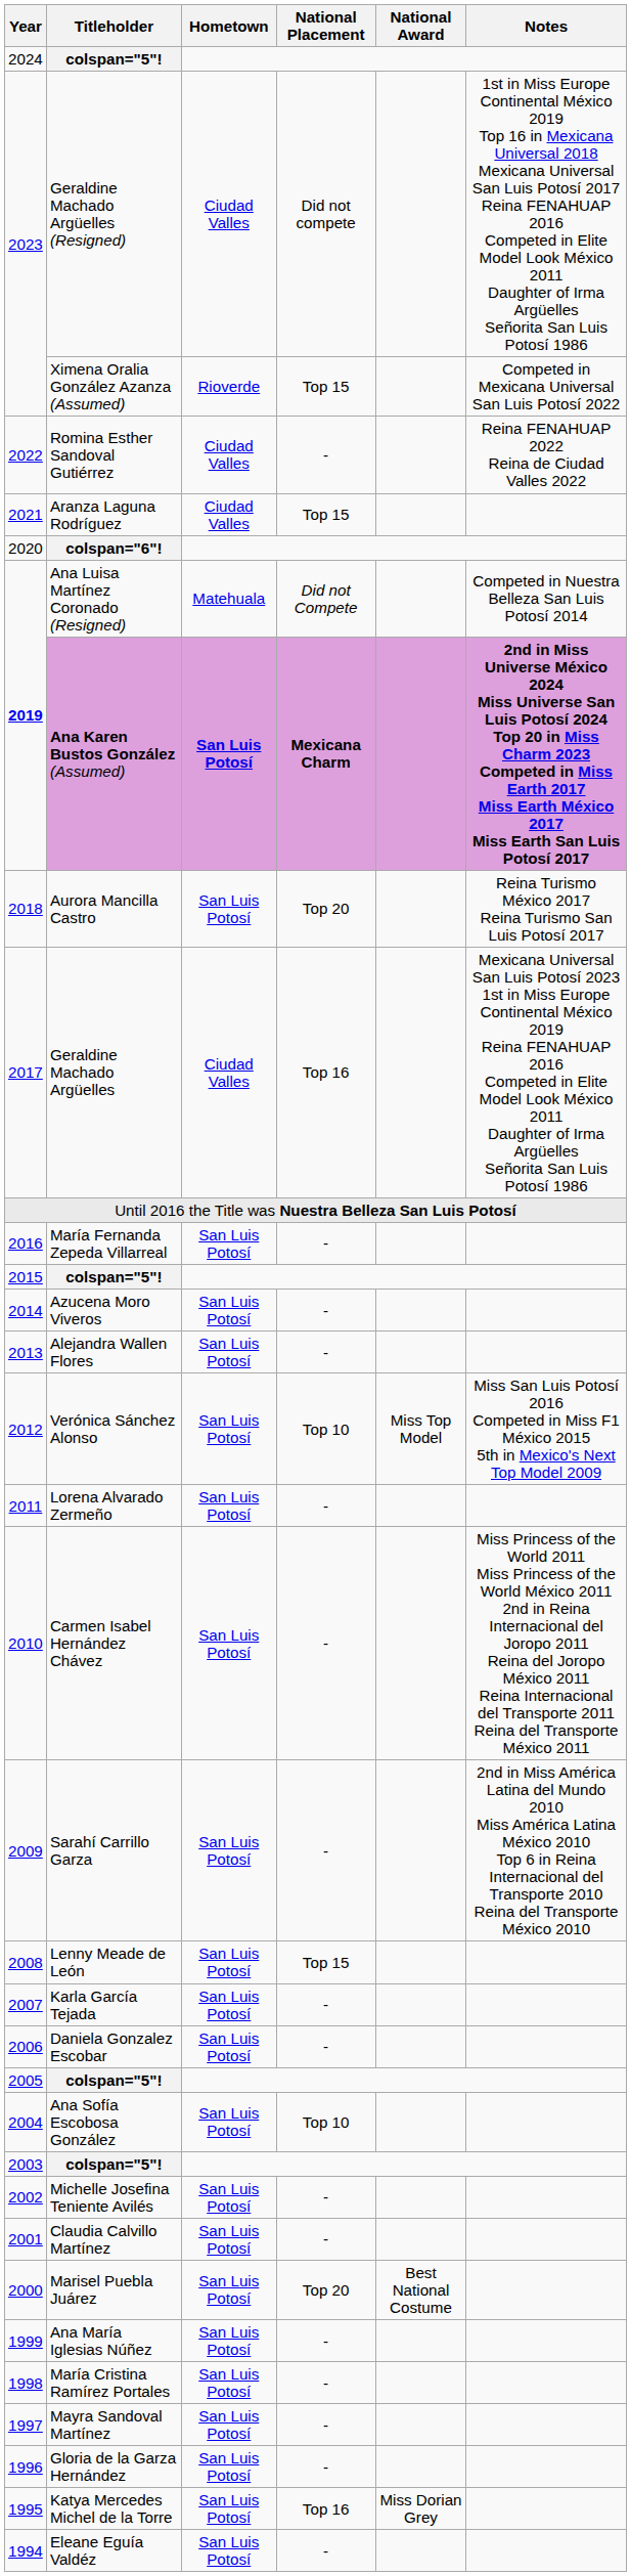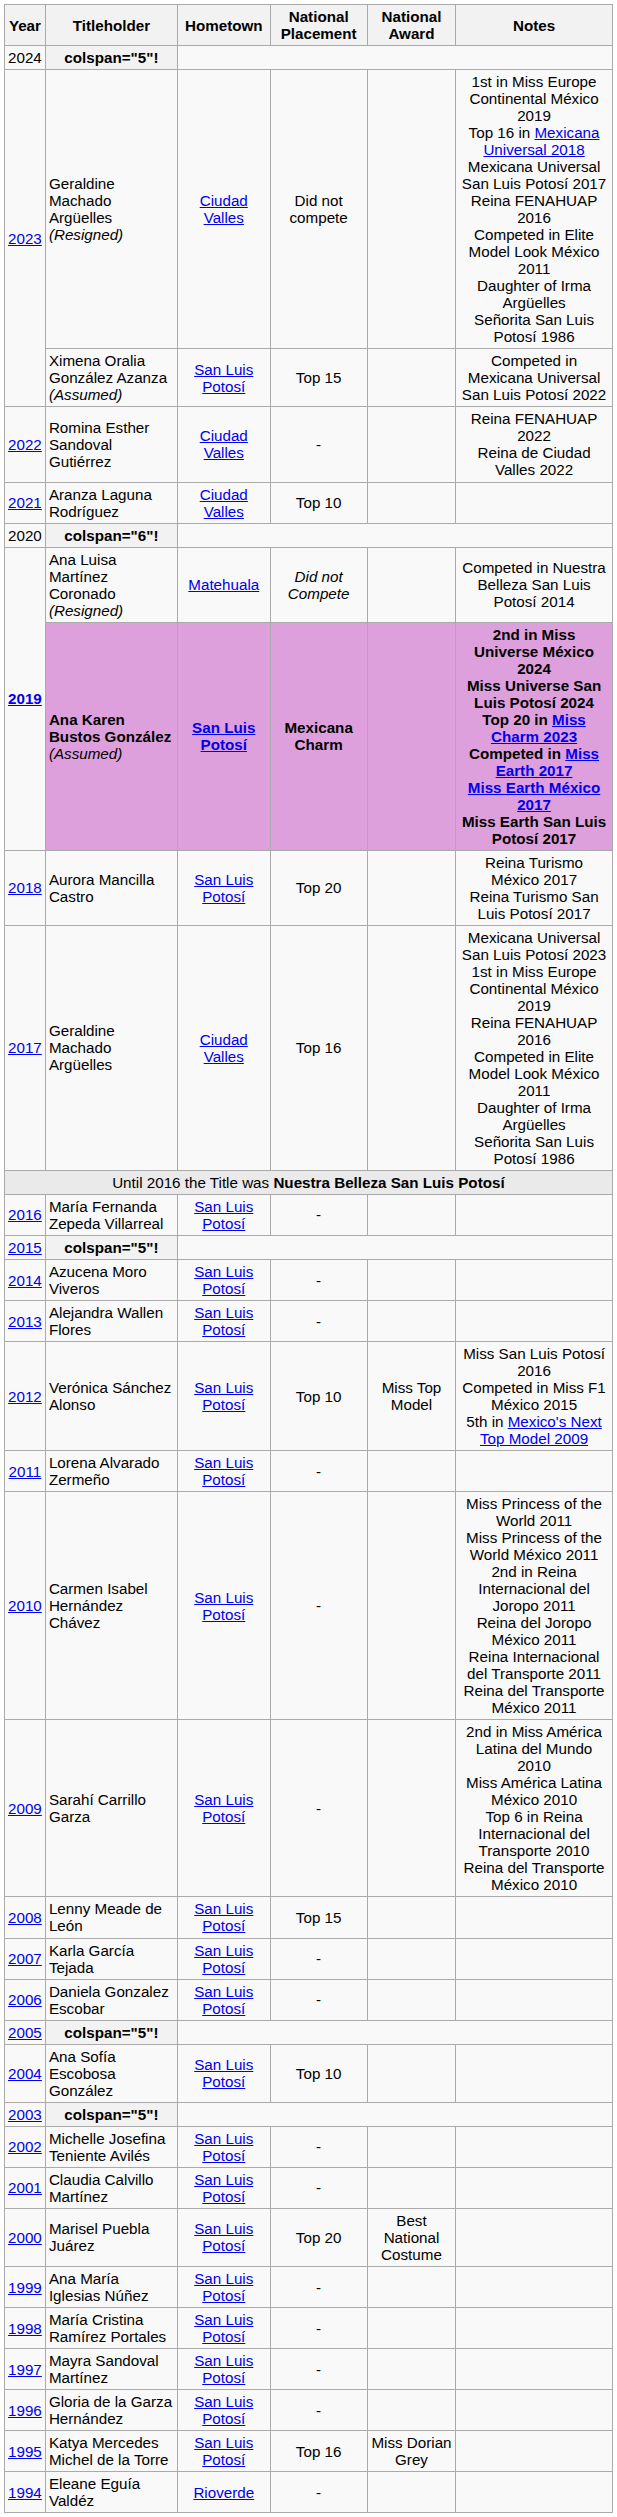 <table class="wikitable sortable" style="font-size:95%;">
 <tr>
 <th>Year</th>
 <th>Titleholder</th>
 <th>Hometown</th>
 <th>National Placement</th>
 <th>National Award</th>
 <th>Notes</th>
 </tr>
 <tr>
 <td align="center">2024</td>
 <th>colspan="5"!</th>
 </tr>
 <tr>
 <td rowspan=2 align="center"><a href='#'>2023</a></td>
 <td>Geraldine Machado Argüelles<br><em>(Resigned)</em></td>
 <td align="center"><a href='#'>Ciudad Valles</a></td>
 <td align="center">Did not compete</td>
 <td align="center"></td>
 <td align="center">1st in Miss Europe Continental México 2019<br>Top 16 in <a href='#'>Mexicana Universal 2018</a><br>Mexicana Universal San Luis Potosí 2017<br>Reina FENAHUAP 2016<br>Competed in Elite Model Look México 2011<br>Daughter of Irma Argüelles<br>Señorita San Luis Potosí 1986</td>
 </tr>
 <tr>
 <td>Ximena Oralia González Azanza<br><em>(Assumed)</em></td>
-<td align="center"><a href='#'>Rioverde</a></td>
+<td align="center"><a href='#'>San Luis Potosí</a></td>
 <td align="center">Top 15</td>
 <td align="center"></td>
 <td align="center">Competed in Mexicana Universal San Luis Potosí 2022</td>
 </tr>
 <tr>
 <td align="center"><a href='#'>2022</a></td>
 <td>Romina Esther Sandoval Gutiérrez</td>
 <td align="center"><a href='#'>Ciudad Valles</a></td>
 <td align="center">-</td>
 <td align="center"></td>
 <td align="center">Reina FENAHUAP 2022<br>Reina de Ciudad Valles 2022</td>
 </tr>
 <tr>
 <td align="center"><a href='#'>2021</a></td>
 <td>Aranza Laguna Rodríguez</td>
 <td align="center"><a href='#'>Ciudad Valles</a></td>
-<td align="center">Top 15</td>
+<td align="center">Top 10</td>
 <td align="center"></td>
 <td align="center"></td>
 </tr>
 <tr>
 <td align="center">2020</td>
 <th>colspan="6"!</th>
 </tr>
 <tr>
 <td rowspan=2 align="center"><strong><a href='#'>2019</a></strong></td>
 <td>Ana Luisa Martínez Coronado<br><em>(Resigned)</em></td>
 <td align="center"><a href='#'>Matehuala</a></td>
 <td align="center"><em>Did not Compete</em></td>
 <td align="center"></td>
 <td align="center">Competed in Nuestra Belleza San Luis Potosí 2014</td>
 </tr>
 <tr bgcolor="#DDA0DD">
 <td><strong>Ana Karen Bustos González</strong><br><em>(Assumed)</em></td>
 <td align="center"><strong><a href='#'>San Luis Potosí</a></strong></td>
 <td align="center"><strong>Mexicana Charm</strong></td>
 <td align="center"></td>
 <td align="center"><strong>2nd in Miss Universe México 2024<br>Miss Universe San Luis Potosí 2024<br>Top 20 in <a href='#'>Miss Charm 2023</a><br>Competed in <a href='#'>Miss Earth 2017</a><br><a href='#'>Miss Earth México 2017</a><br>Miss Earth San Luis Potosí 2017</strong></td>
 </tr>
 <tr>
 <td align="center"><a href='#'>2018</a></td>
 <td>Aurora Mancilla Castro</td>
 <td align="center"><a href='#'>San Luis Potosí</a></td>
 <td align="center">Top 20</td>
 <td align="center"></td>
 <td align="center">Reina Turismo México 2017<br>Reina Turismo San Luis Potosí 2017</td>
 </tr>
 <tr>
 <td align="center"><a href='#'>2017</a></td>
 <td>Geraldine Machado Argüelles</td>
 <td align="center"><a href='#'>Ciudad Valles</a></td>
 <td align="center">Top 16</td>
 <td align="center"></td>
 <td align="center">Mexicana Universal San Luis Potosí 2023<br>1st in Miss Europe Continental México 2019<br>Reina FENAHUAP 2016<br>Competed in Elite Model Look México 2011<br>Daughter of Irma Argüelles<br>Señorita San Luis Potosí 1986</td>
 </tr>
 <tr>
 <td colspan="6" bgcolor="#EAEAEA" style="text-align:center;">Until 2016 the Title was <strong>Nuestra Belleza San Luis Potosí</strong></td>
 </tr>
 <tr>
 <td align="center"><a href='#'>2016</a></td>
 <td>María Fernanda Zepeda Villarreal</td>
 <td align="center"><a href='#'>San Luis Potosí</a></td>
 <td align="center">-</td>
 <td align="center"></td>
 <td align="center"></td>
 </tr>
 <tr>
 <td align="center"><a href='#'>2015</a></td>
 <th>colspan="5"!</th>
 </tr>
 <tr>
 <td align="center"><a href='#'>2014</a></td>
 <td>Azucena Moro Viveros</td>
 <td align="center"><a href='#'>San Luis Potosí</a></td>
 <td align="center">-</td>
 <td align="center"></td>
 <td align="center"></td>
 </tr>
 <tr>
 <td align="center"><a href='#'>2013</a></td>
 <td>Alejandra Wallen Flores</td>
 <td align="center"><a href='#'>San Luis Potosí</a></td>
 <td align="center">-</td>
 <td align="center"></td>
 <td align="center"></td>
 </tr>
 <tr>
 <td align="center"><a href='#'>2012</a></td>
 <td>Verónica Sánchez Alonso</td>
 <td align="center"><a href='#'>San Luis Potosí</a></td>
 <td align="center">Top 10</td>
 <td align="center">Miss Top Model</td>
 <td align="center">Miss San Luis Potosí 2016<br>Competed in Miss F1 México 2015<br>5th in <a href='#'>Mexico's Next Top Model 2009</a></td>
 </tr>
 <tr>
 <td align="center"><a href='#'>2011</a></td>
 <td>Lorena Alvarado Zermeño</td>
 <td align="center"><a href='#'>San Luis Potosí</a></td>
 <td align="center">-</td>
 <td align="center"></td>
 <td align="center"></td>
 </tr>
 <tr>
 <td align="center"><a href='#'>2010</a></td>
 <td>Carmen Isabel Hernández Chávez</td>
 <td align="center"><a href='#'>San Luis Potosí</a></td>
 <td align="center">-</td>
 <td align="center"></td>
 <td align="center">Miss Princess of the World 2011<br>Miss Princess of the World México 2011<br>2nd in Reina Internacional del Joropo 2011<br>Reina del Joropo México 2011<br>Reina Internacional del Transporte 2011<br>Reina del Transporte México 2011</td>
 </tr>
 <tr>
 <td align="center"><a href='#'>2009</a></td>
 <td>Sarahí Carrillo Garza</td>
 <td align="center"><a href='#'>San Luis Potosí</a></td>
 <td align="center">-</td>
 <td align="center"></td>
 <td align="center">2nd in Miss América Latina del Mundo 2010<br>Miss América Latina México 2010<br>Top 6 in Reina Internacional del Transporte 2010<br>Reina del Transporte México 2010</td>
 </tr>
 <tr>
 <td align="center"><a href='#'>2008</a></td>
 <td>Lenny Meade de León</td>
 <td align="center"><a href='#'>San Luis Potosí</a></td>
 <td align="center">Top 15</td>
 <td align="center"></td>
 <td align="center"></td>
 </tr>
 <tr>
 <td align="center"><a href='#'>2007</a></td>
 <td>Karla García Tejada</td>
 <td align="center"><a href='#'>San Luis Potosí</a></td>
 <td align="center">-</td>
 <td align="center"></td>
 <td align="center"></td>
 </tr>
 <tr>
 <td align="center"><a href='#'>2006</a></td>
 <td>Daniela Gonzalez Escobar</td>
 <td align="center"><a href='#'>San Luis Potosí</a></td>
 <td align="center">-</td>
 <td align="center"></td>
 <td align="center"></td>
 </tr>
 <tr>
 <td align="center"><a href='#'>2005</a></td>
 <th>colspan="5"!</th>
 </tr>
 <tr>
 <td align="center"><a href='#'>2004</a></td>
 <td>Ana Sofía Escobosa González</td>
 <td align="center"><a href='#'>San Luis Potosí</a></td>
 <td align="center">Top 10</td>
 <td align="center"></td>
 <td align="center"></td>
 </tr>
 <tr>
 <td align="center"><a href='#'>2003</a></td>
 <th>colspan="5"!</th>
 </tr>
 <tr>
 <td align="center"><a href='#'>2002</a></td>
 <td>Michelle Josefina Teniente Avilés</td>
 <td align="center"><a href='#'>San Luis Potosí</a></td>
 <td align="center">-</td>
 <td align="center"></td>
 <td align="center"></td>
 </tr>
 <tr>
 <td align="center"><a href='#'>2001</a></td>
 <td>Claudia Calvillo Martínez</td>
 <td align="center"><a href='#'>San Luis Potosí</a></td>
 <td align="center">-</td>
 <td align="center"></td>
 <td align="center"></td>
 </tr>
 <tr>
 <td align="center"><a href='#'>2000</a></td>
 <td>Marisel Puebla Juárez</td>
 <td align="center"><a href='#'>San Luis Potosí</a></td>
 <td align="center">Top 20</td>
 <td align="center">Best National Costume</td>
 <td align="center"></td>
 </tr>
 <tr>
 <td align="center"><a href='#'>1999</a></td>
 <td>Ana María Iglesias Núñez</td>
 <td align="center"><a href='#'>San Luis Potosí</a></td>
 <td align="center">-</td>
 <td align="center"></td>
 <td align="center"></td>
 </tr>
 <tr>
 <td align="center"><a href='#'>1998</a></td>
 <td>María Cristina Ramírez Portales</td>
 <td align="center"><a href='#'>San Luis Potosí</a></td>
 <td align="center">-</td>
 <td align="center"></td>
 <td align="center"></td>
 </tr>
 <tr>
 <td align="center"><a href='#'>1997</a></td>
 <td>Mayra Sandoval Martínez</td>
 <td align="center"><a href='#'>San Luis Potosí</a></td>
 <td align="center">-</td>
 <td align="center"></td>
 <td align="center"></td>
 </tr>
 <tr>
 <td align="center"><a href='#'>1996</a></td>
 <td>Gloria de la Garza Hernández</td>
 <td align="center"><a href='#'>San Luis Potosí</a></td>
 <td align="center">-</td>
 <td align="center"></td>
 <td align="center"></td>
 </tr>
 <tr>
 <td align="center"><a href='#'>1995</a></td>
 <td>Katya Mercedes Michel de la Torre</td>
 <td align="center"><a href='#'>San Luis Potosí</a></td>
 <td align="center">Top 16</td>
 <td align="center">Miss Dorian Grey</td>
 <td align="center"></td>
 </tr>
 <tr>
 <td align="center"><a href='#'>1994</a></td>
 <td>Eleane Eguía Valdéz</td>
-<td align="center"><a href='#'>San Luis Potosí</a></td>
+<td align="center"><a href='#'>Rioverde</a></td>
 <td align="center">-</td>
 <td align="center"></td>
 <td align="center"></td>
 </tr>
 </table>
